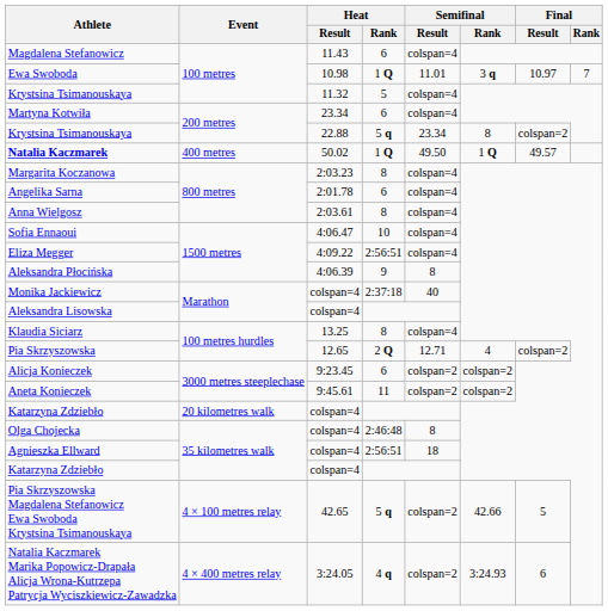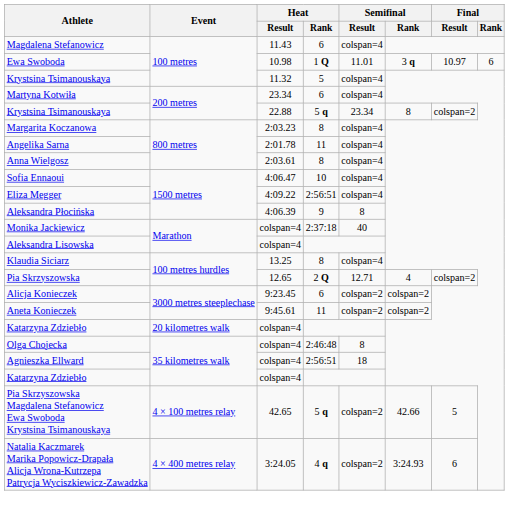 <table class="wikitable" style="font-size:90%">
 <tr>
 <th rowspan="2">Athlete</th>
 <th rowspan="2">Event</th>
 <th colspan="2">Heat</th>
 <th colspan="2">Semifinal</th>
 <th colspan="2">Final</th>
 </tr>
 <tr style="font-size:95%">
 <th>Result</th>
 <th>Rank</th>
 <th>Result</th>
 <th>Rank</th>
 <th>Result</th>
 <th>Rank</th>
 </tr>
 <tr align=center>
 <td align=left><a href='#'>Magdalena Stefanowicz</a></td>
 <td align=left rowspan=3><a href='#'>100 metres</a></td>
 <td>11.43</td>
 <td>6</td>
 <td>colspan=4 </td>
 </tr>
 <tr align=center>
 <td align=left><a href='#'>Ewa Swoboda</a></td>
 <td>10.98</td>
 <td>1 <strong>Q</strong></td>
 <td>11.01</td>
 <td>3 <strong>q</strong></td>
 <td>10.97 </td>
-<td>7</td>
+<td>6</td>
 </tr>
 <tr align=center>
 <td align=left><a href='#'>Krystsina Tsimanouskaya</a></td>
 <td>11.32</td>
 <td>5</td>
 <td>colspan=4 </td>
 </tr>
 <tr align=center>
 <td align=left><a href='#'>Martyna Kotwiła</a></td>
 <td align=left rowspan=2><a href='#'>200 metres</a></td>
 <td>23.34</td>
 <td>6</td>
 <td>colspan=4 </td>
 </tr>
 <tr align=center>
 <td align=left><a href='#'>Krystsina Tsimanouskaya</a></td>
 <td>22.88</td>
 <td>5 <strong>q</strong></td>
 <td>23.34</td>
 <td>8</td>
 <td>colspan=2 </td>
 </tr>
 <tr align=center>
-<td align=left><strong><a href='#'>Natalia Kaczmarek</a></strong></td>
-<td align=left><a href='#'>400 metres</a></td>
-<td>50.02</td>
-<td>1 <strong>Q</strong></td>
-<td>49.50</td>
-<td>1 <strong>Q</strong></td>
-<td>49.57</td>
-<td></td>
-</tr>
-<tr align=center>
 <td align=left><a href='#'>Margarita Koczanowa</a></td>
 <td align=left rowspan=3><a href='#'>800 metres</a></td>
 <td>2:03.23</td>
 <td>8</td>
 <td>colspan=4 </td>
 </tr>
 <tr align=center>
 <td align=left><a href='#'>Angelika Sarna</a></td>
 <td>2:01.78</td>
-<td>6</td>
+<td>11</td>
 <td>colspan=4 </td>
 </tr>
 <tr align=center>
 <td align=left><a href='#'>Anna Wielgosz</a></td>
 <td>2:03.61</td>
 <td>8</td>
 <td>colspan=4 </td>
 </tr>
 <tr align=center>
 <td align=left><a href='#'>Sofia Ennaoui</a></td>
 <td align=left rowspan=3><a href='#'>1500 metres</a></td>
 <td>4:06.47</td>
 <td>10</td>
 <td>colspan=4 </td>
 </tr>
 <tr align=center>
 <td align=left><a href='#'>Eliza Megger</a></td>
 <td>4:09.22</td>
 <td>2:56:51 </td>
 <td>colspan=4 </td>
 </tr>
 <tr align=center>
 <td align=left><a href='#'>Aleksandra Płocińska</a></td>
 <td>4:06.39 </td>
 <td>9</td>
 <td>8</td>
 </tr>
 <tr align=center>
 <td align=left><a href='#'>Monika Jackiewicz</a></td>
 <td align=left rowspan=2><a href='#'>Marathon</a></td>
 <td>colspan=4</td>
 <td>2:37:18</td>
 <td>40</td>
 </tr>
 <tr align=center>
 <td align=left><a href='#'>Aleksandra Lisowska</a></td>
 <td>colspan=4</td>
 <td colspan=2></td>
 </tr>
 <tr align=center>
 <td align=left><a href='#'>Klaudia Siciarz</a></td>
 <td align=left rowspan=2><a href='#'>100 metres hurdles</a></td>
 <td>13.25</td>
 <td>8</td>
 <td>colspan=4 </td>
 </tr>
 <tr align=center>
 <td align=left><a href='#'>Pia Skrzyszowska</a></td>
 <td>12.65</td>
 <td>2 <strong>Q</strong></td>
 <td>12.71</td>
 <td>4</td>
 <td>colspan=2 </td>
 </tr>
 <tr align=center>
 <td align=left><a href='#'>Alicja Konieczek</a></td>
 <td align=left rowspan=2><a href='#'>3000 metres steeplechase</a></td>
 <td>9:23.45 </td>
 <td>6</td>
 <td>colspan=2</td>
 <td>colspan=2 </td>
 </tr>
 <tr align=center>
 <td align=left><a href='#'>Aneta Konieczek</a></td>
 <td>9:45.61</td>
 <td>11</td>
 <td>colspan=2</td>
 <td>colspan=2 </td>
 </tr>
 <tr align=center>
 <td align=left><a href='#'>Katarzyna Zdziebło</a></td>
 <td align=left><a href='#'>20 kilometres walk</a></td>
 <td>colspan=4</td>
 <td colspan=2></td>
 </tr>
 <tr align=center>
 <td align=left><a href='#'>Olga Chojecka</a></td>
 <td align=left rowspan=3><a href='#'>35 kilometres walk</a></td>
 <td>colspan=4</td>
 <td>2:46:48 </td>
 <td>8</td>
 </tr>
 <tr align=center>
 <td align=left><a href='#'>Agnieszka Ellward</a></td>
 <td>colspan=4</td>
 <td>2:56:51 </td>
 <td>18</td>
 </tr>
 <tr align=center>
 <td align=left><a href='#'>Katarzyna Zdziebło</a></td>
 <td>colspan=4</td>
 <td colspan=2></td>
 </tr>
 <tr align=center>
 <td align=left><a href='#'>Pia Skrzyszowska</a><br> <a href='#'>Magdalena Stefanowicz</a><br><a href='#'>Ewa Swoboda</a><br><a href='#'>Krystsina Tsimanouskaya</a></td>
 <td align=left><a href='#'>4 × 100 metres relay</a></td>
 <td>42.65 </td>
 <td>5 <strong>q</strong></td>
 <td>colspan=2</td>
 <td>42.66</td>
 <td>5</td>
 </tr>
 <tr align=center>
 <td align=left><a href='#'>Natalia Kaczmarek</a><br><a href='#'>Marika Popowicz-Drapała</a><br><a href='#'>Alicja Wrona-Kutrzepa</a><br><a href='#'>Patrycja Wyciszkiewicz-Zawadzka</a></td>
 <td align=left><a href='#'>4 × 400 metres relay</a></td>
 <td>3:24.05 </td>
 <td>4 <strong>q</strong></td>
 <td>colspan=2</td>
 <td>3:24.93</td>
 <td>6</td>
 </tr>
 </table>
